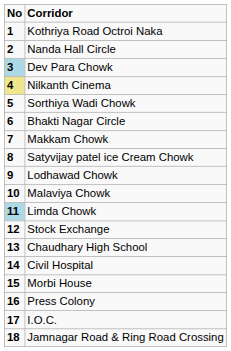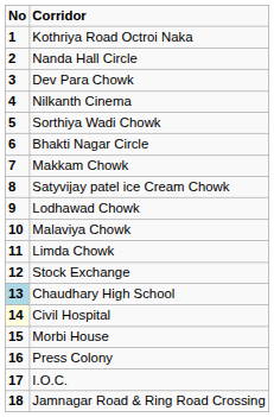 <table class="wikitable">
 <tr>
 <td><strong>No</strong></td>
 <td><strong>Corridor</strong></td>
 </tr>
 <tr>
 <td><strong>1</strong></td>
 <td>Kothriya Road Octroi Naka</td>
 </tr>
 <tr>
 <td><strong>2</strong></td>
 <td>Nanda Hall Circle</td>
 </tr>
 <tr>
-<td style="background: lightblue;"><strong>3</strong></td>
+<td><strong>3</strong></td>
 <td>Dev Para Chowk</td>
 </tr>
 <tr>
-<td style="background: khaki;"><strong>4</strong></td>
+<td><strong>4</strong></td>
 <td>Nilkanth Cinema</td>
 </tr>
 <tr>
 <td><strong>5</strong></td>
 <td>Sorthiya Wadi Chowk</td>
 </tr>
 <tr>
 <td><strong>6</strong></td>
 <td>Bhakti Nagar Circle</td>
 </tr>
 <tr>
 <td><strong>7</strong></td>
 <td>Makkam Chowk</td>
 </tr>
 <tr>
 <td><strong>8</strong></td>
 <td>Satyvijay patel ice Cream Chowk</td>
 </tr>
 <tr>
 <td><strong>9</strong></td>
 <td>Lodhawad Chowk</td>
 </tr>
 <tr>
 <td><strong>10</strong></td>
 <td>Malaviya Chowk</td>
 </tr>
 <tr>
-<td style="background: lightblue;"><strong>11</strong></td>
+<td><strong>11</strong></td>
 <td>Limda Chowk</td>
 </tr>
 <tr>
 <td><strong>12</strong></td>
 <td>Stock Exchange</td>
 </tr>
 <tr>
-<td><strong>13</strong></td>
+<td style="background: lightblue;"><strong>13</strong></td>
 <td>Chaudhary High School</td>
 </tr>
 <tr>
-<td><strong>14</strong></td>
+<td style="background: lightyellow;"><strong>14</strong></td>
 <td>Civil Hospital</td>
 </tr>
 <tr>
 <td><strong>15</strong></td>
 <td>Morbi House</td>
 </tr>
 <tr>
 <td><strong>16</strong></td>
 <td>Press Colony</td>
 </tr>
 <tr>
 <td><strong>17</strong></td>
 <td>I.O.C.</td>
 </tr>
 <tr>
 <td><strong>18</strong></td>
 <td>Jamnagar Road & Ring Road Crossing</td>
 </tr>
 </table>
